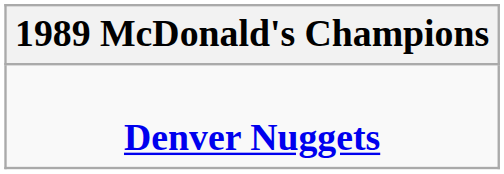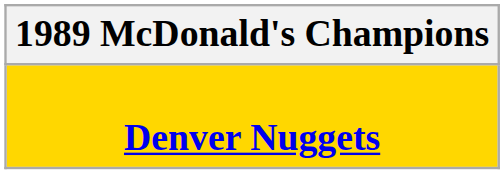 <table class=wikitable style="text-align:center; margin:auto">
 <tr>
 <th>1989 McDonald's Champions</th>
 </tr>
 <tr>
-<td><br><strong><a href='#'>Denver Nuggets </a></strong></td>
+<td style="background: gold;"><br><strong><a href='#'>Denver Nuggets </a></strong></td>
 </tr>
 </table>
